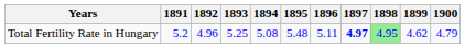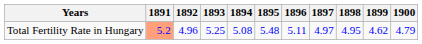 <table class="wikitable " style="text-align:right">
 <tr>
 <th>Years</th>
 <th>1891</th>
 <th>1892</th>
 <th>1893</th>
 <th>1894</th>
 <th>1895</th>
 <th>1896</th>
 <th>1897</th>
 <th>1898</th>
 <th>1899</th>
 <th>1900</th>
 </tr>
 <tr>
 <td align="left">Total Fertility Rate in Hungary</td>
-<td style="text-align:right; color:blue;">5.2</td>
+<td style="background: lightsalmon; text-align:right; color:blue;">5.2</td>
 <td style="text-align:right; color:blue;">4.96</td>
 <td style="text-align:right; color:blue;">5.25</td>
 <td style="text-align:right; color:blue;">5.08</td>
 <td style="text-align:right; color:blue;">5.48</td>
 <td style="text-align:right; color:blue;">5.11</td>
-<td style="text-align:right; color:blue;"><strong>4.97</strong></td>
-<td style="background: lightgreen; text-align:right; color:blue;">4.95</td>
+<td style="text-align:right; color:blue;">4.97</td>
+<td style="text-align:right; color:blue;">4.95</td>
 <td style="text-align:right; color:blue;">4.62</td>
 <td style="text-align:right; color:blue;">4.79</td>
 </tr>
 </table>
